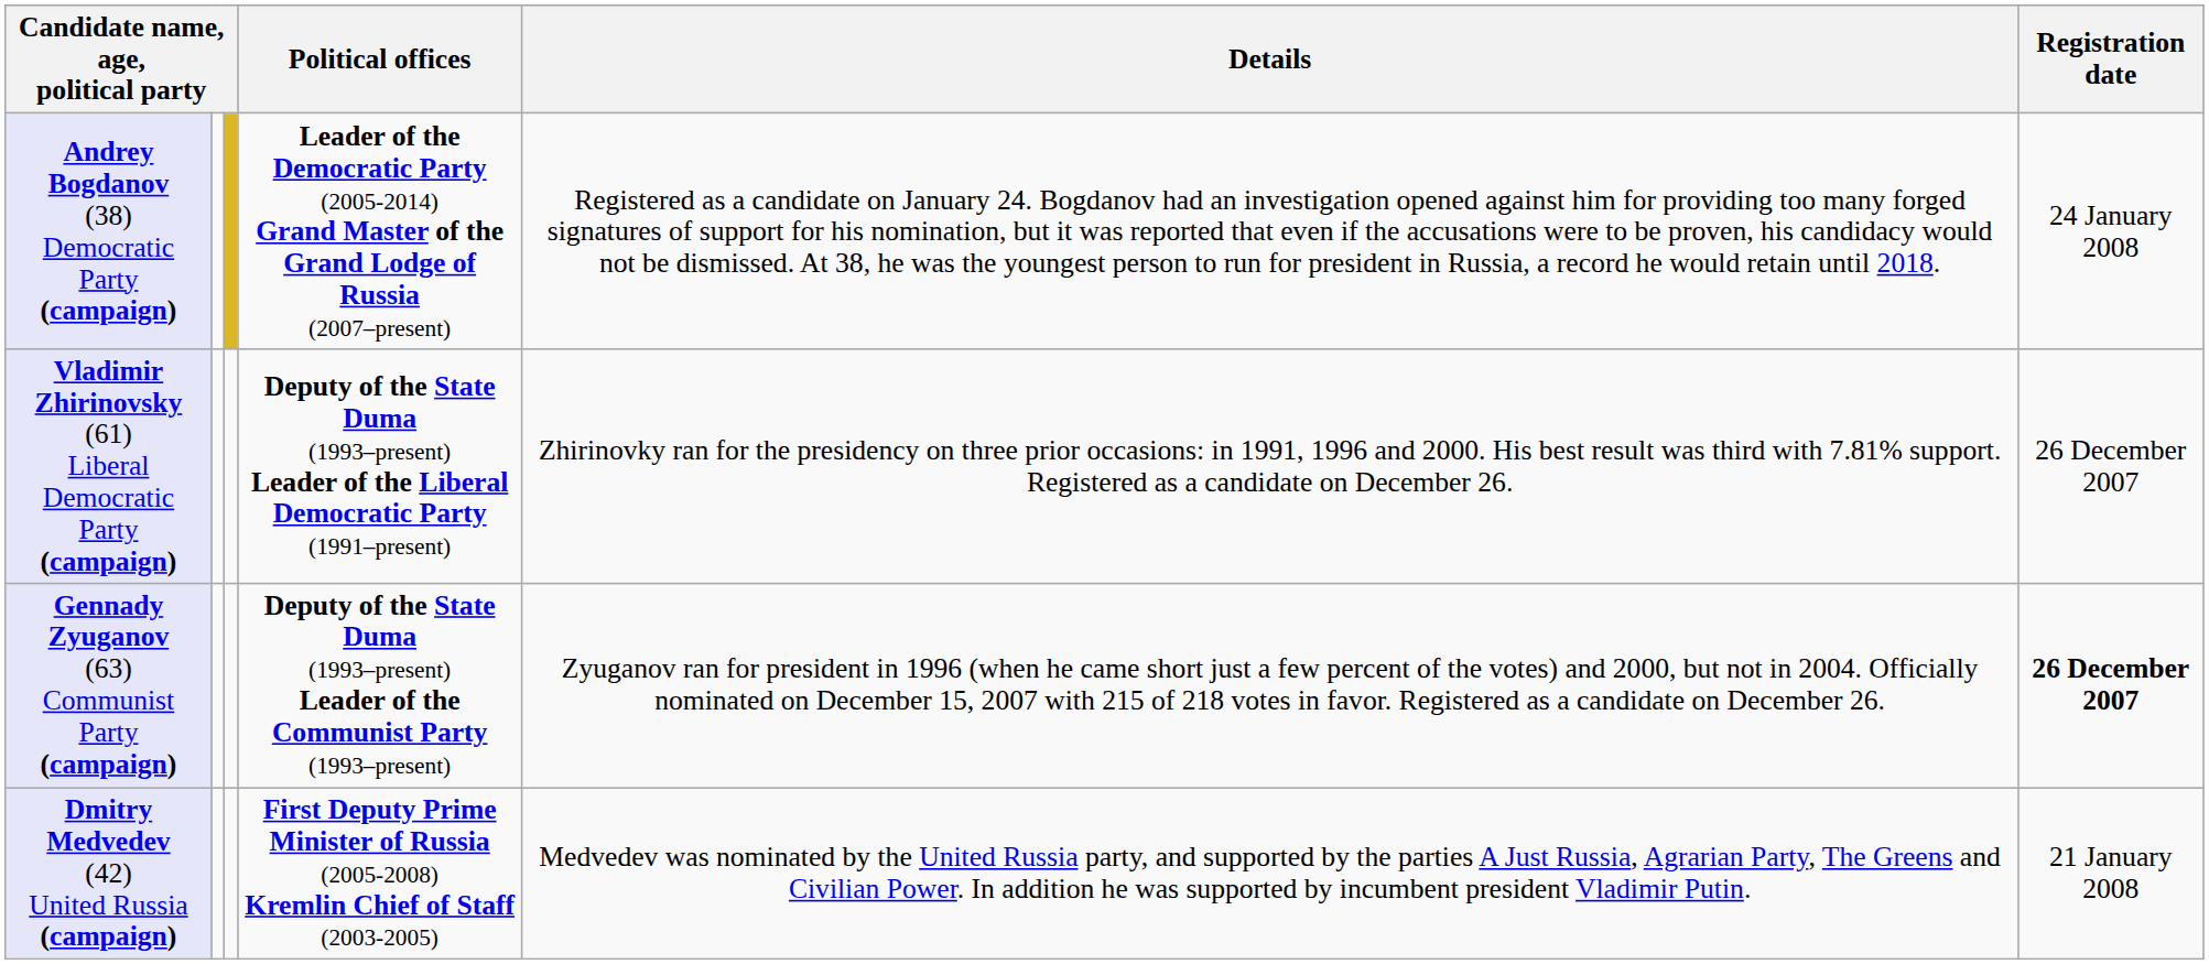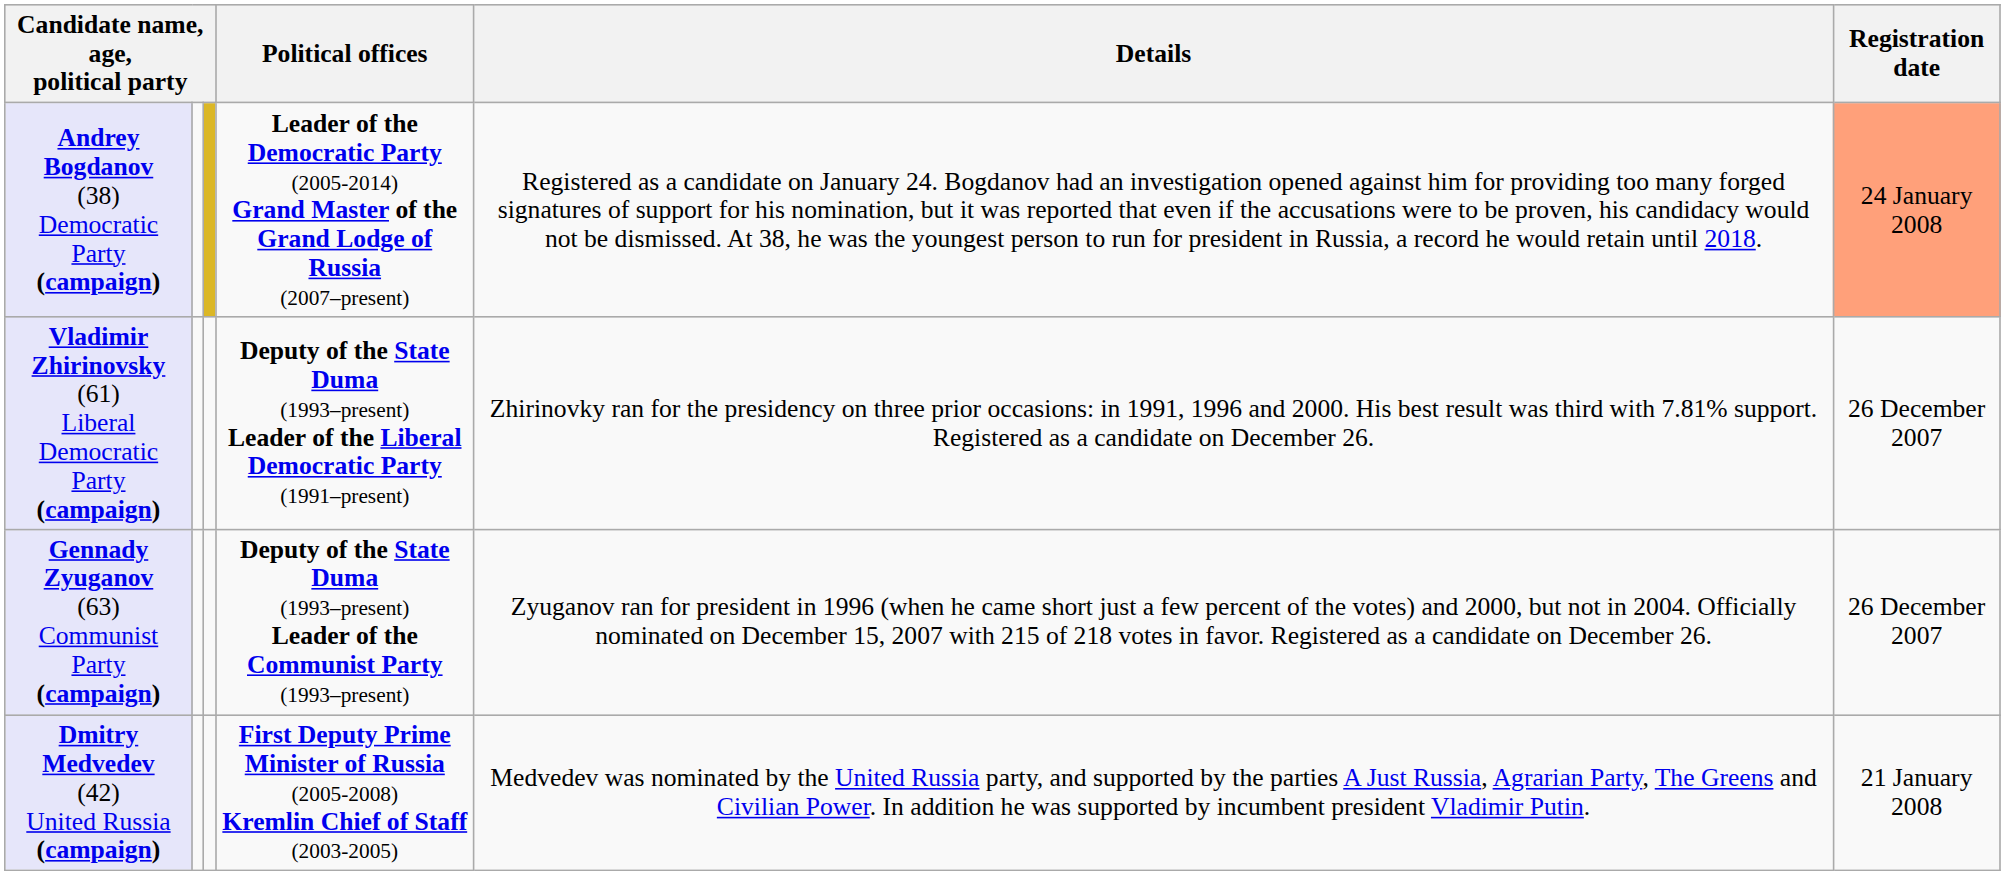 <table class="wikitable" style="text-align:center;">
 <tr>
 <th colspan="3">Candidate name, age,<br>political party</th>
 <th>Political offices</th>
 <th>Details</th>
 <th>Registration date</th>
 </tr>
 <tr>
 <td style="background:lavender;"><strong><a href='#'>Andrey Bogdanov</a></strong><br>(38)<br><a href='#'>Democratic Party</a><br><strong>(<a href='#'>campaign</a>)</strong></td>
 <td></td>
 <td style="background-color:#DBB726;"></td>
 <td><strong>Leader of the <a href='#'>Democratic Party</a></strong><br><small>(2005-2014)</small><br><strong><a href='#'>Grand Master</a> of the <a href='#'>Grand Lodge of Russia</a></strong><br><small>(2007–present)</small></td>
 <td>Registered as a candidate on January 24. Bogdanov had an investigation opened against him for providing too many forged signatures of support for his nomination, but it was reported that even if the accusations were to be proven, his candidacy would not be dismissed. At 38, he was the youngest person to run for president in Russia, a record he would retain until <a href='#'>2018</a>.</td>
-<td>24 January 2008</td>
+<td style="background: lightsalmon;">24 January 2008</td>
 </tr>
 <tr>
 <td style="background:lavender;"><strong><a href='#'>Vladimir Zhirinovsky</a></strong><br>(61)<br><a href='#'>Liberal Democratic Party</a><br><strong>(<a href='#'>campaign</a>)</strong></td>
 <td></td>
 <td style="background-color:"></td>
 <td><strong>Deputy of the <a href='#'>State Duma</a></strong><br><small>(1993–present)</small><br><strong>Leader of the <a href='#'>Liberal Democratic Party</a></strong><br><small>(1991–present)</small></td>
 <td>Zhirinovky ran for the presidency on three prior occasions: in 1991, 1996 and 2000. His best result was third with 7.81% support. Registered as a candidate on December 26.</td>
 <td>26 December 2007</td>
 </tr>
 <tr>
 <td style="background:lavender;"><strong><a href='#'>Gennady Zyuganov</a></strong><br>(63)<br><a href='#'>Communist Party</a><br><strong>(<a href='#'>campaign</a>)</strong></td>
 <td></td>
 <td style="background-color:"></td>
 <td><strong>Deputy of the <a href='#'>State Duma</a></strong><br><small>(1993–present)</small><br><strong>Leader of the <a href='#'>Communist Party</a></strong><br><small>(1993–present)</small></td>
 <td>Zyuganov ran for president in 1996 (when he came short just a few percent of the votes) and 2000, but not in 2004. Officially nominated on December 15, 2007 with 215 of 218 votes in favor. Registered as a candidate on December 26.</td>
-<td><strong>26 December 2007</strong></td>
+<td>26 December 2007</td>
 </tr>
 <tr>
 <td style="background:lavender;"><strong><a href='#'>Dmitry Medvedev</a></strong><br>(42)<br><a href='#'>United Russia</a><br><strong>(<a href='#'>campaign</a>)</strong></td>
 <td></td>
 <td style="background-color:"></td>
 <td><strong><a href='#'>First Deputy Prime Minister of Russia</a></strong><br><small>(2005-2008)</small><br><strong><a href='#'>Kremlin Chief of Staff</a></strong><br><small>(2003-2005)</small></td>
 <td>Medvedev was nominated by the <a href='#'>United Russia</a> party, and supported by the parties <a href='#'>A Just Russia</a>, <a href='#'>Agrarian Party</a>, <a href='#'>The Greens</a> and <a href='#'>Civilian Power</a>. In addition he was supported by incumbent president <a href='#'>Vladimir Putin</a>.</td>
 <td>21 January 2008</td>
 </tr>
 </table>
